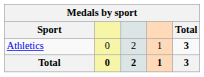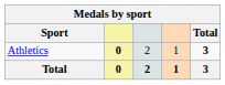 <table class="wikitable" style="font-size:90%; text-align:center;">
 <tr>
 <th colspan=5>Medals by sport</th>
 </tr>
 <tr>
 <th width=120>Sport</th>
 <th scope="col" width=30 style="background:#F7F6A8;"></th>
 <th scope="col" width=30 style="background:#DCE5E5;"></th>
 <th scope="col" width=30 style="background:#FFDAB9;"></th>
 <th width=30>Total</th>
 </tr>
 <tr>
 <td align=left><a href='#'>Athletics</a></td>
-<td style="background:#F7F6A8;">0</td>
+<td style="background:#F7F6A8;"><strong>0</strong></td>
 <td style="background:#DCE5E5;">2</td>
 <td style="background:#FFDAB9;">1</td>
 <td><strong>3</strong></td>
 </tr>
 <tr>
 <th align=left>Total</th>
 <th style="background:#F7F6A8;">0</th>
 <th style="background:#DCE5E5;">2</th>
 <th style="background:#FFDAB9;">1</th>
 <th><strong>3</strong></th>
 </tr>
 </table>
